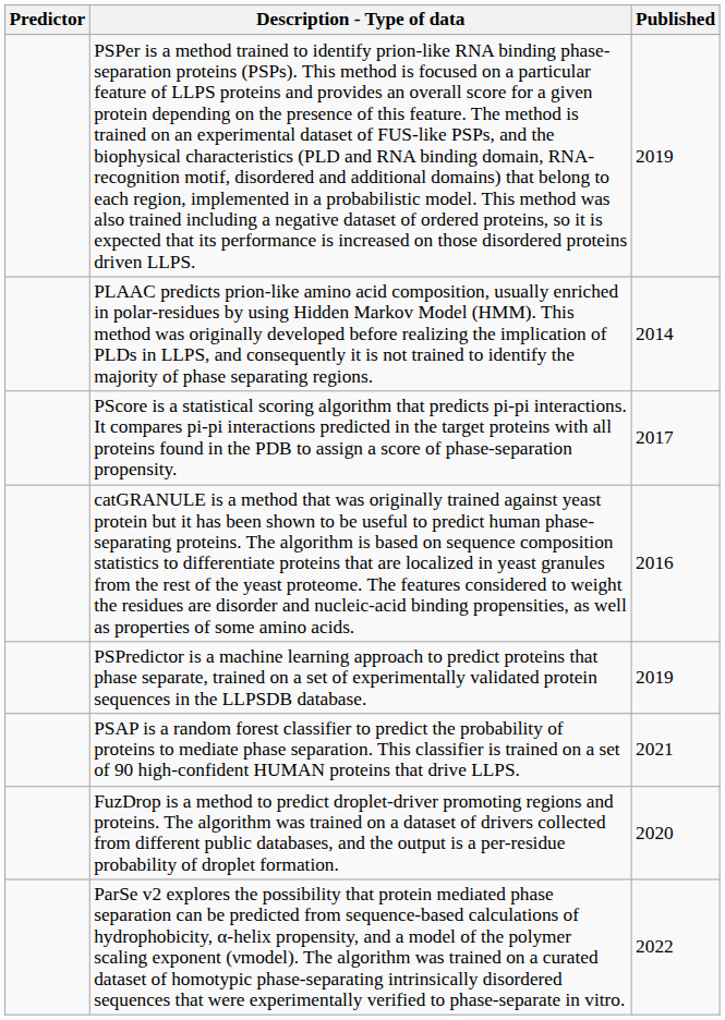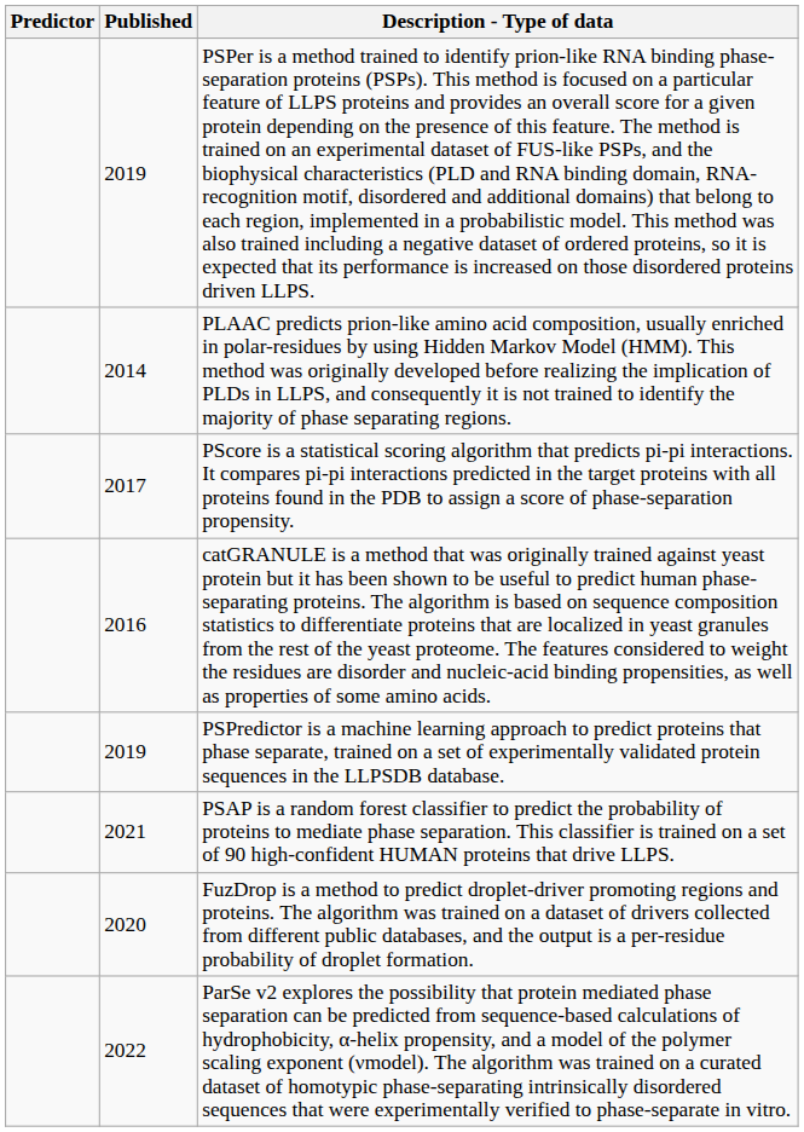 <table class="wikitable">
 <tr>
 <th>Predictor</th>
+<th>Published</th>
 <th>Description - Type of data</th>
-<th>Published</th>
 </tr>
 <tr>
 <td></td>
+<td>2019</td>
 <td>PSPer is a method trained to identify prion-like RNA binding phase-separation proteins (PSPs). This method is focused on a particular feature of LLPS proteins and provides an overall score for a given protein depending on the presence of this feature. The method is trained on an experimental dataset of FUS-like PSPs, and the biophysical characteristics (PLD and RNA binding domain, RNA-recognition motif, disordered and additional domains) that belong to each region, implemented in a probabilistic model. This method was also trained including a negative dataset of ordered proteins, so it is expected that its performance is increased on those disordered proteins driven LLPS.</td>
-<td>2019</td>
 </tr>
 <tr>
 <td></td>
+<td>2014</td>
 <td>PLAAC predicts prion-like amino acid composition, usually enriched in polar-residues by using Hidden Markov Model (HMM). This method was originally developed before realizing the implication of PLDs in LLPS, and consequently it is not trained to identify the majority of phase separating regions.</td>
-<td>2014</td>
 </tr>
 <tr>
 <td></td>
+<td>2017</td>
 <td>PScore is a statistical scoring algorithm that predicts pi-pi interactions. It compares pi-pi interactions predicted in the target proteins with all proteins found in the PDB to assign a score of phase-separation propensity.</td>
-<td>2017</td>
 </tr>
 <tr>
 <td></td>
+<td>2016</td>
 <td>catGRANULE is a method that was originally trained against yeast protein but it has been shown to be useful to predict human phase-separating proteins. The algorithm is based on sequence composition statistics to differentiate proteins that are localized in yeast granules from the rest of the yeast proteome. The features considered to weight the residues are disorder and nucleic-acid binding propensities, as well as properties of some amino acids.</td>
-<td>2016</td>
 </tr>
 <tr>
 <td></td>
+<td>2019</td>
 <td>PSPredictor is a machine learning approach to predict proteins that phase separate, trained on a set of experimentally validated protein sequences in the LLPSDB database.</td>
-<td>2019</td>
 </tr>
 <tr>
 <td></td>
+<td>2021</td>
 <td>PSAP is a random forest classifier to predict the probability of proteins to mediate phase separation. This classifier is trained on a set of 90 high-confident HUMAN proteins that drive LLPS.</td>
-<td>2021</td>
 </tr>
 <tr>
 <td></td>
+<td>2020</td>
 <td>FuzDrop is a method to predict droplet-driver promoting regions and proteins. The algorithm was trained on a dataset of drivers collected from different public databases, and the output is a per-residue probability of droplet formation.</td>
-<td>2020</td>
 </tr>
 <tr>
 <td></td>
+<td>2022</td>
 <td>ParSe v2 explores the possibility that protein mediated phase separation can be predicted from sequence-based calculations of hydrophobicity, α-helix propensity, and a model of the polymer scaling exponent (νmodel). The algorithm was trained on a curated dataset of homotypic phase-separating intrinsically disordered sequences that were experimentally verified to phase-separate in vitro.</td>
-<td>2022</td>
 </tr>
 </table>
